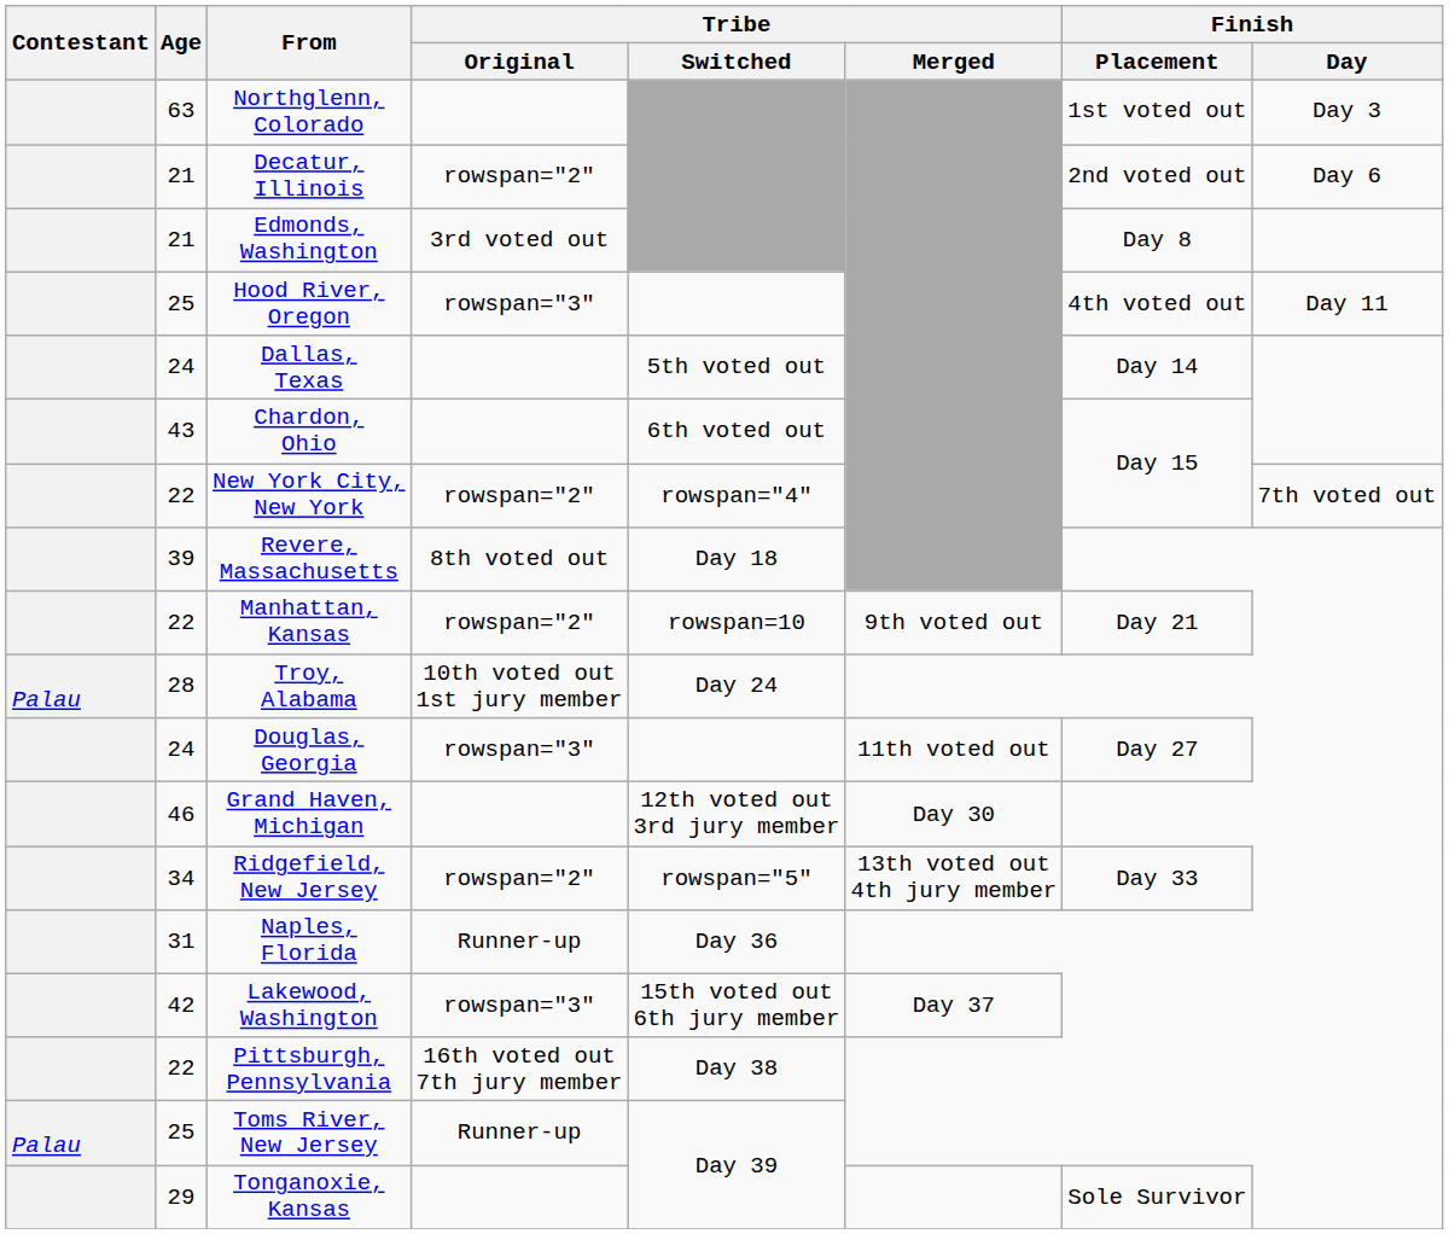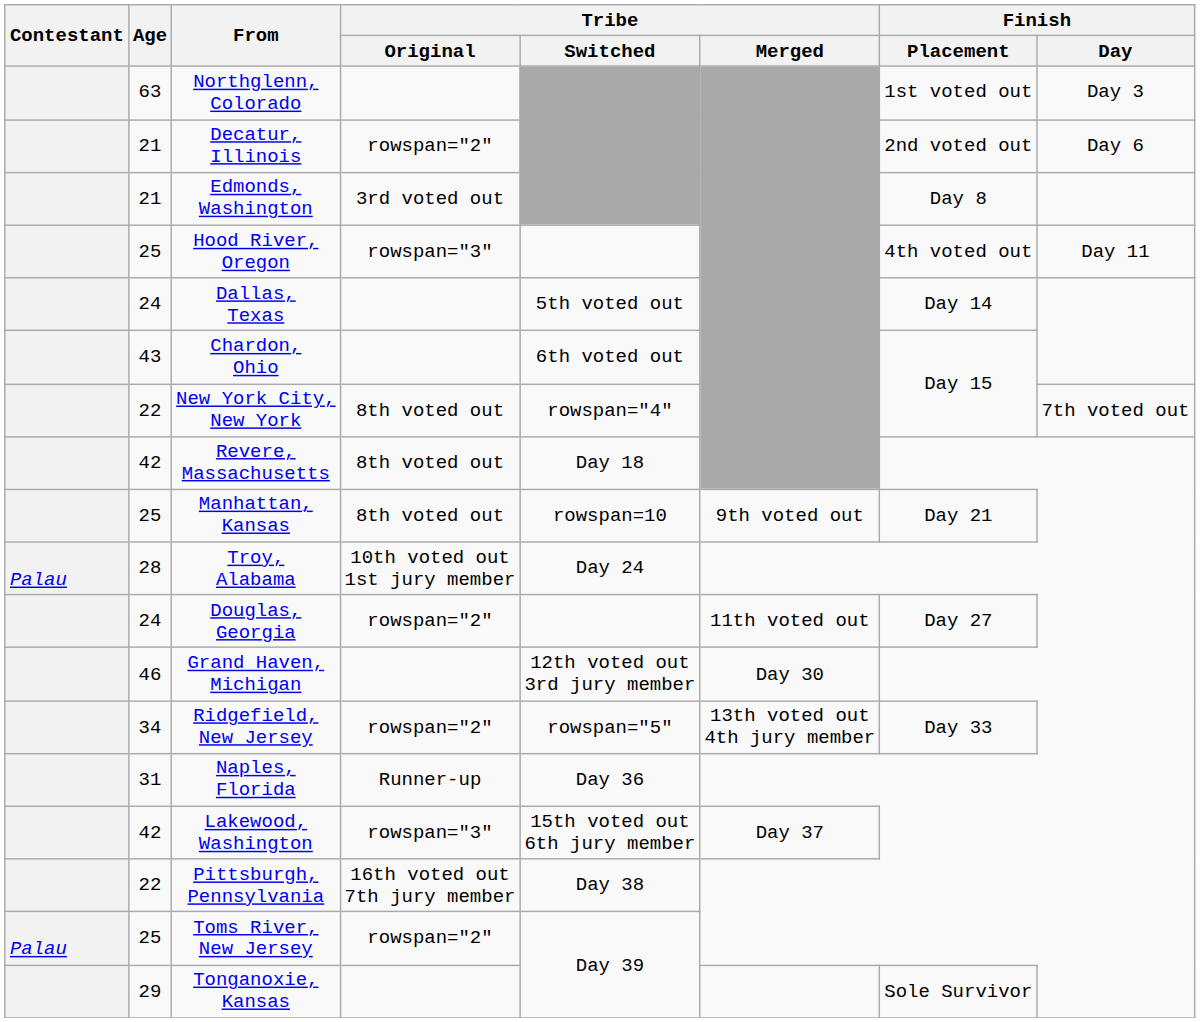 <table class="wikitable sortable" style="margin:auto; text-align:center">
 <tr>
 <th rowspan="2" scope="col">Contestant</th>
 <th rowspan="2" scope="col">Age</th>
 <th rowspan="2" scope="col" class=unsortable>From</th>
 <th colspan="3" scope="colgroup">Tribe</th>
 <th colspan="2" scope="colgroup">Finish</th>
 </tr>
 <tr>
 <th scope="col">Original</th>
 <th scope="col">Switched</th>
 <th scope="col" class=unsortable>Merged</th>
 <th scope="col" class=unsortable>Placement</th>
 <th scope="col" class=unsortable>Day</th>
 </tr>
 <tr>
 <th scope="row" style=text-align:left></th>
 <td>63</td>
 <td><a href='#'>Northglenn,<br>Colorado</a></td>
 <td></td>
 <td rowspan="3" style="background:darkgrey;"></td>
 <td rowspan="8" style="background:darkgrey;"></td>
 <td>1st voted out</td>
 <td>Day 3</td>
 </tr>
 <tr>
 <th scope="row" style=text-align:left></th>
 <td>21</td>
 <td><a href='#'>Decatur,<br>Illinois</a></td>
 <td>rowspan="2" </td>
 <td>2nd voted out</td>
 <td>Day 6</td>
 </tr>
 <tr>
 <th scope="row" style=text-align:left></th>
 <td>21</td>
 <td><a href='#'>Edmonds,<br>Washington</a></td>
 <td>3rd voted out</td>
 <td>Day 8</td>
 </tr>
 <tr>
 <th scope="row" style=text-align:left></th>
 <td>25</td>
 <td><a href='#'>Hood River,<br>Oregon</a></td>
 <td>rowspan="3" </td>
 <td></td>
 <td>4th voted out</td>
 <td>Day 11</td>
 </tr>
 <tr>
 <th scope="row" style=text-align:left></th>
 <td>24</td>
 <td><a href='#'>Dallas,<br>Texas</a></td>
 <td></td>
 <td>5th voted out</td>
 <td>Day 14</td>
 </tr>
 <tr>
 <th scope="row" style=text-align:left></th>
 <td>43</td>
 <td><a href='#'>Chardon,<br>Ohio</a></td>
 <td></td>
 <td>6th voted out</td>
 <td rowspan="2">Day 15</td>
 </tr>
 <tr>
 <th scope="row" style=text-align:left></th>
 <td>22</td>
 <td><a href='#'>New York City,<br>New York</a></td>
-<td>rowspan="2" </td>
+<td>8th voted out</td>
 <td>rowspan="4" </td>
 <td>7th voted out</td>
 </tr>
 <tr>
 <th scope="row" style=text-align:left></th>
-<td>39</td>
+<td>42</td>
 <td><a href='#'>Revere,<br>Massachusetts</a></td>
 <td>8th voted out</td>
 <td>Day 18</td>
 </tr>
 <tr>
 <th scope="row" style=text-align:left></th>
-<td>22</td>
+<td>25</td>
 <td><a href='#'>Manhattan,<br>Kansas</a></td>
-<td>rowspan="2" </td>
+<td>8th voted out</td>
 <td>rowspan=10 </td>
 <td>9th voted out</td>
 <td>Day 21</td>
 </tr>
 <tr>
 <th scope="row" style="text-align:left;font-weight:normal"><strong></strong><br><em><a href='#'>Palau</a></em></th>
 <td>28</td>
 <td><a href='#'>Troy,<br>Alabama</a></td>
 <td>10th voted out<br>1st jury member</td>
 <td>Day 24</td>
 </tr>
 <tr>
 <th scope="row" style=text-align:left></th>
 <td>24</td>
 <td><a href='#'>Douglas,<br>Georgia</a></td>
-<td>rowspan="3" </td>
+<td>rowspan="2" </td>
 <td></td>
 <td>11th voted out<br></td>
 <td>Day 27</td>
 </tr>
 <tr>
 <th scope="row" style=text-align:left></th>
 <td>46</td>
 <td><a href='#'>Grand Haven,<br>Michigan</a></td>
 <td></td>
 <td>12th voted out<br>3rd jury member</td>
 <td>Day 30</td>
 </tr>
 <tr>
 <th scope="row" style=text-align:left></th>
 <td>34</td>
 <td><a href='#'>Ridgefield,<br>New Jersey</a></td>
 <td>rowspan="2" </td>
 <td>rowspan="5" </td>
 <td>13th voted out<br>4th jury member</td>
 <td>Day 33</td>
 </tr>
 <tr>
 <th scope="row" style=text-align:left></th>
 <td>31</td>
 <td><a href='#'>Naples,<br>Florida</a></td>
 <td>Runner-up</td>
 <td>Day 36</td>
 </tr>
 <tr>
 <th scope="row" style=text-align:left></th>
 <td>42</td>
 <td><a href='#'>Lakewood,<br>Washington</a></td>
 <td>rowspan="3" </td>
 <td>15th voted out<br>6th jury member</td>
 <td>Day 37</td>
 </tr>
 <tr>
 <th scope="row" style=text-align:left></th>
 <td>22</td>
 <td><a href='#'>Pittsburgh,<br>Pennsylvania</a></td>
 <td>16th voted out<br>7th jury member</td>
 <td>Day 38</td>
 </tr>
 <tr>
 <th scope="row" style="text-align:left;font-weight:normal"><strong></strong><br><em><a href='#'>Palau</a></em></th>
 <td>25</td>
 <td><a href='#'>Toms River,<br>New Jersey</a></td>
-<td>Runner-up</td>
+<td>rowspan="2" </td>
 <td rowspan="2">Day 39</td>
 </tr>
 <tr>
 <th scope="row" style=text-align:left></th>
 <td>29</td>
 <td><a href='#'>Tonganoxie,<br>Kansas</a></td>
 <td></td>
 <td></td>
 <td>Sole Survivor</td>
 </tr>
 </table>
